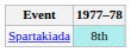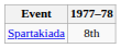 <table class="wikitable" style="text-align:center">
 <tr>
 <th>Event</th>
 <th>1977–78</th>
 </tr>
 <tr>
 <td align=left><a href='#'>Spartakiada</a></td>
-<td style="background: paleturquoise;">8th</td>
+<td>8th</td>
 </tr>
 </table>
